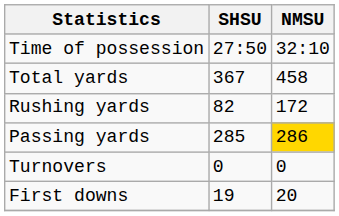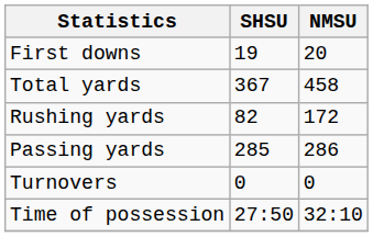 <table class="wikitable" style="float: left;">
 <tr>
 <th>Statistics</th>
 <th>SHSU</th>
 <th>NMSU</th>
 </tr>
 <tr>
-<td>Time of possession</td>
-<td>27:50</td>
-<td>32:10</td>
+<td>First downs</td>
+<td>19</td>
+<td>20</td>
 </tr>
 <tr>
 <td>Total yards</td>
 <td>367</td>
 <td>458</td>
 </tr>
 <tr>
 <td>Rushing yards</td>
 <td>82</td>
 <td>172</td>
 </tr>
 <tr>
 <td>Passing yards</td>
 <td>285</td>
-<td style="background: gold;">286</td>
+<td>286</td>
 </tr>
 <tr>
 <td>Turnovers</td>
 <td>0</td>
 <td>0</td>
 </tr>
 <tr>
-<td>First downs</td>
-<td>19</td>
-<td>20</td>
+<td>Time of possession</td>
+<td>27:50</td>
+<td>32:10</td>
 </tr>
 <tr>
 </tr>
 </table>
